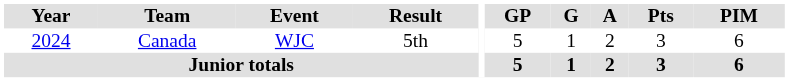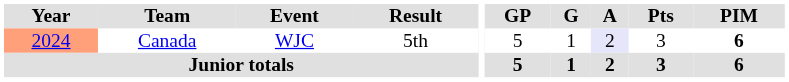 <table border="0" cellpadding="1" cellspacing="0" ID="Table3" style="text-align:center; width:40em">
 <tr bgcolor="#e0e0e0">
 <th>Year</th>
 <th>Team</th>
 <th>Event</th>
 <th>Result</th>
 <th rowspan="99" bgcolor="#ffffff"></th>
 <th>GP</th>
 <th>G</th>
 <th>A</th>
 <th>Pts</th>
 <th>PIM</th>
 </tr>
 <tr>
-<td><a href='#'>2024</a></td>
+<td style="background: lightsalmon;"><a href='#'>2024</a></td>
 <td><a href='#'>Canada</a></td>
 <td><a href='#'>WJC</a></td>
 <td>5th</td>
 <td>5</td>
 <td>1</td>
-<td>2</td>
+<td style="background: lavender;">2</td>
 <td>3</td>
-<td>6</td>
+<td><strong>6</strong></td>
 </tr>
 <tr bgcolor="#e0e0e0">
 <th colspan="4">Junior totals</th>
 <th>5</th>
 <th>1</th>
 <th>2</th>
 <th>3</th>
 <th>6</th>
 </tr>
 </table>
